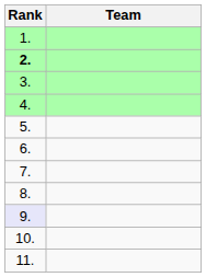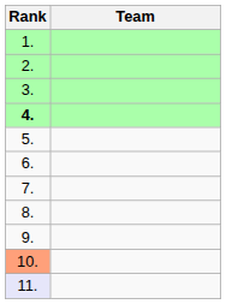 <table class="wikitable">
 <tr>
 <th>Rank</th>
 <th width=170>Team</th>
 </tr>
 <tr bgcolor=#AAFFAA>
 <td align="center">1.</td>
 <td></td>
 </tr>
 <tr bgcolor=#AAFFAA>
-<td align="center"><strong>2.</strong></td>
+<td align="center">2.</td>
 <td></td>
 </tr>
 <tr bgcolor=#AAFFAA>
 <td align="center">3.</td>
 <td></td>
 </tr>
 <tr bgcolor=#AAFFAA>
-<td align="center">4.</td>
+<td align="center"><strong>4.</strong></td>
 <td></td>
 </tr>
 <tr>
 <td align="center">5.</td>
 <td></td>
 </tr>
 <tr>
 <td align="center">6.</td>
 <td></td>
 </tr>
 <tr>
 <td align="center">7.</td>
 <td></td>
 </tr>
 <tr>
 <td align="center">8.</td>
 <td></td>
 </tr>
 <tr>
-<td align="center" style="background: lavender;">9.</td>
+<td align="center">9.</td>
 <td></td>
 </tr>
 <tr>
-<td align="center">10.</td>
+<td align="center" style="background: lightsalmon;">10.</td>
 <td></td>
 </tr>
 <tr>
-<td align="center">11.</td>
+<td align="center" style="background: lavender;">11.</td>
 <td></td>
 </tr>
 </table>
